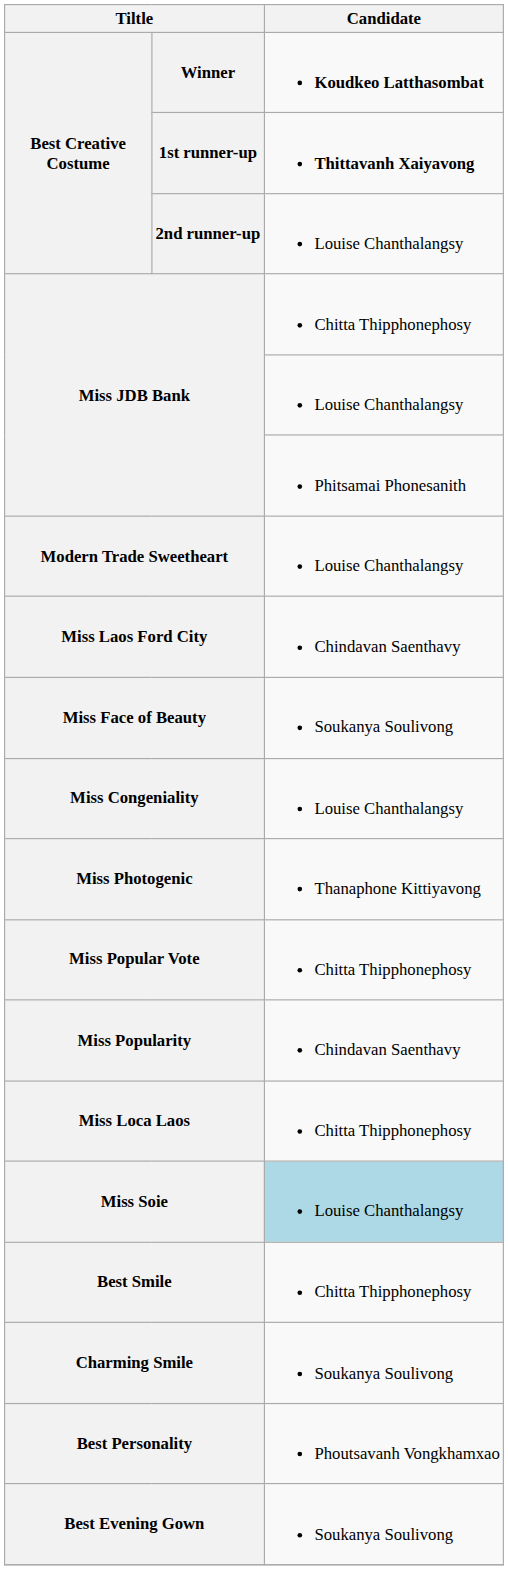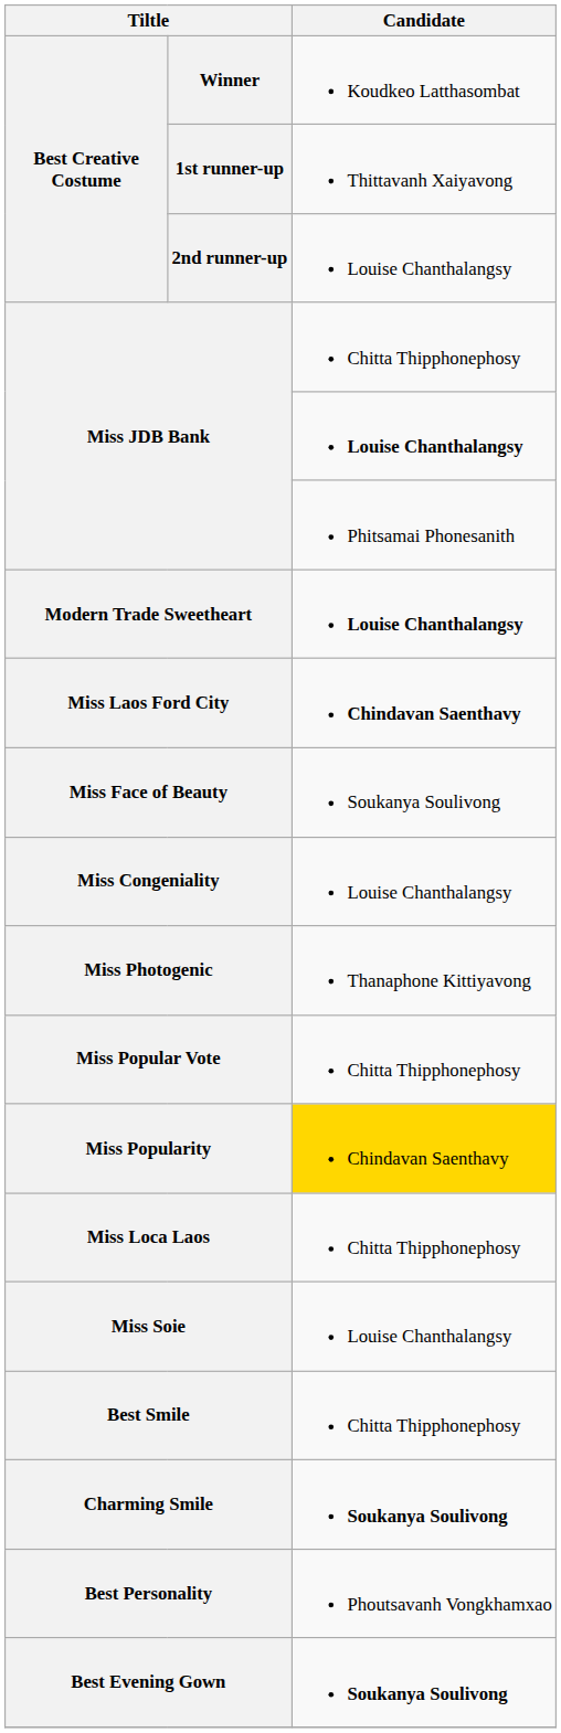 <table class="wikitable" style="font-size: 90%;">
 <tr>
 <th colspan=2>Tiltle</th>
 <th>Candidate</th>
 </tr>
 <tr>
 <th rowspan=3 width=120px>Best Creative Costume</th>
 <th>Winner</th>
-<td><strong><br><ul><li>Koudkeo Latthasombat</li></ul></strong></td>
+<td><br><ul><li>Koudkeo Latthasombat</li></ul></td>
 </tr>
 <tr>
 <th>1st runner-up</th>
-<td><strong><br><ul><li>Thittavanh Xaiyavong</li></ul></strong></td>
+<td><br><ul><li>Thittavanh Xaiyavong</li></ul></td>
 </tr>
 <tr>
 <th>2nd runner-up</th>
 <td><br><ul><li>Louise Chanthalangsy</li></ul></td>
 </tr>
 <tr>
 <th colspan=2 rowspan=3>Miss JDB Bank</th>
 <td><br><ul><li>Chitta Thipphonephosy</li></ul></td>
 </tr>
 <tr>
-<td><br><ul><li>Louise Chanthalangsy</li></ul></td>
+<td><strong><br><ul><li>Louise Chanthalangsy</li></ul></strong></td>
 </tr>
 <tr>
 <td><br><ul><li>Phitsamai Phonesanith</li></ul></td>
 </tr>
 <tr>
 <th colspan=2>Modern Trade Sweetheart</th>
-<td><br><ul><li>Louise Chanthalangsy</li></ul></td>
+<td><strong><br><ul><li>Louise Chanthalangsy</li></ul></strong></td>
 </tr>
 <tr>
 <th colspan=2>Miss Laos Ford City</th>
-<td><br><ul><li>Chindavan Saenthavy</li></ul></td>
+<td><strong><br><ul><li>Chindavan Saenthavy</li></ul></strong></td>
 </tr>
 <tr>
 <th colspan=2>Miss Face of Beauty</th>
 <td><br><ul><li>Soukanya Soulivong</li></ul></td>
 </tr>
 <tr>
 <th colspan=2>Miss Congeniality</th>
 <td><br><ul><li>Louise Chanthalangsy</li></ul></td>
 </tr>
 <tr>
 <th colspan=2>Miss Photogenic</th>
 <td><br><ul><li>Thanaphone Kittiyavong</li></ul></td>
 </tr>
 <tr>
 <th colspan=2>Miss Popular Vote</th>
 <td><br><ul><li>Chitta Thipphonephosy</li></ul></td>
 </tr>
 <tr>
 <th colspan=2>Miss Popularity</th>
-<td><br><ul><li>Chindavan Saenthavy</li></ul></td>
+<td style="background: gold;"><br><ul><li>Chindavan Saenthavy</li></ul></td>
 </tr>
 <tr>
 <th colspan=2>Miss Loca Laos</th>
 <td><br><ul><li>Chitta Thipphonephosy</li></ul></td>
 </tr>
 <tr>
 <th colspan=2>Miss Soie</th>
-<td style="background: lightblue;"><br><ul><li>Louise Chanthalangsy</li></ul></td>
+<td><br><ul><li>Louise Chanthalangsy</li></ul></td>
 </tr>
 <tr>
 <th colspan=2>Best Smile</th>
 <td><br><ul><li>Chitta Thipphonephosy</li></ul></td>
 </tr>
 <tr>
 <th colspan=2>Charming Smile</th>
-<td><br><ul><li>Soukanya Soulivong</li></ul></td>
+<td><strong><br><ul><li>Soukanya Soulivong</li></ul></strong></td>
 </tr>
 <tr>
 <th colspan=2>Best Personality</th>
 <td><br><ul><li>Phoutsavanh Vongkhamxao</li></ul></td>
 </tr>
 <tr>
 <th colspan=2>Best Evening Gown</th>
-<td><br><ul><li>Soukanya Soulivong</li></ul></td>
+<td><strong><br><ul><li>Soukanya Soulivong</li></ul></strong></td>
 </tr>
 <tr>
 </tr>
 </table>
